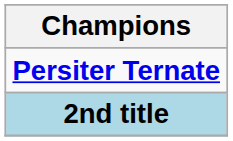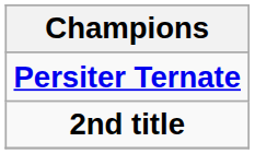 <table class="wikitable" style="text-align: center; margin: 0 auto;">
 <tr>
 <th>Champions</th>
 </tr>
 <tr>
 <td><strong><a href='#'>Persiter Ternate</a></strong> </td>
 </tr>
 <tr>
-<td style="background: lightblue;"><strong>2nd title</strong></td>
+<td><strong>2nd title</strong></td>
 </tr>
 <tr>
 </tr>
 </table>
